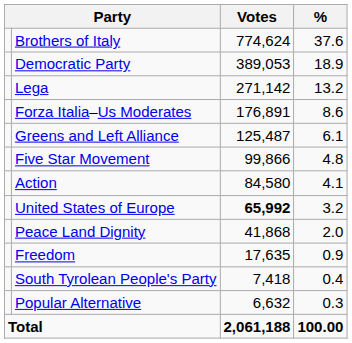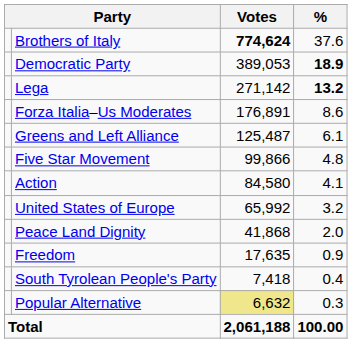 <table class="wikitable" style="font-size:95%">
 <tr>
 <th colspan=2>Party</th>
 <th>Votes</th>
 <th>%</th>
 </tr>
 <tr>
 <td></td>
 <td><a href='#'>Brothers of Italy</a></td>
-<td align=right>774,624</td>
+<td align=right><strong>774,624</strong></td>
 <td align=right>37.6</td>
 </tr>
 <tr>
 <td></td>
 <td><a href='#'>Democratic Party</a></td>
 <td align=right>389,053</td>
-<td align=right>18.9</td>
+<td align=right><strong>18.9</strong></td>
 </tr>
 <tr>
 <td></td>
 <td><a href='#'>Lega</a></td>
 <td align=right>271,142</td>
-<td align=right>13.2</td>
+<td align=right><strong>13.2</strong></td>
 </tr>
 <tr>
 <td></td>
 <td><a href='#'>Forza Italia</a>–<a href='#'>Us Moderates</a></td>
 <td align=right>176,891</td>
 <td align=right>8.6</td>
 </tr>
 <tr>
 <td></td>
 <td><a href='#'>Greens and Left Alliance</a></td>
 <td align=right>125,487</td>
 <td align=right>6.1</td>
 </tr>
 <tr>
 <td></td>
 <td><a href='#'>Five Star Movement</a></td>
 <td align=right>99,866</td>
 <td align=right>4.8</td>
 </tr>
 <tr>
 <td></td>
 <td><a href='#'>Action</a></td>
 <td align=right>84,580</td>
 <td align=right>4.1</td>
 </tr>
 <tr>
 <td></td>
 <td><a href='#'>United States of Europe</a></td>
-<td align=right><strong>65,992</strong></td>
+<td align=right>65,992</td>
 <td align=right>3.2</td>
 </tr>
 <tr>
 <td></td>
 <td><a href='#'>Peace Land Dignity</a></td>
 <td align=right>41,868</td>
 <td align=right>2.0</td>
 </tr>
 <tr>
 <td></td>
 <td><a href='#'>Freedom</a></td>
 <td align=right>17,635</td>
 <td align=right>0.9</td>
 </tr>
 <tr>
 <td></td>
 <td><a href='#'>South Tyrolean People's Party</a></td>
 <td align=right>7,418</td>
 <td align=right>0.4</td>
 </tr>
 <tr>
 <td></td>
 <td><a href='#'>Popular Alternative</a></td>
-<td align=right>6,632</td>
+<td align=right style="background: khaki;">6,632</td>
 <td align=right>0.3</td>
 </tr>
 <tr>
 <td colspan=2><strong>Total</strong></td>
 <td align=right><strong>2,061,188</strong></td>
 <td align=right><strong>100.00</strong></td>
 </tr>
 </table>
